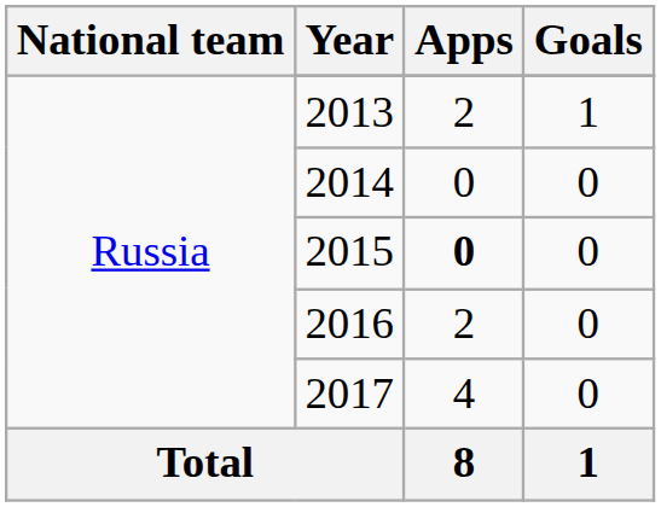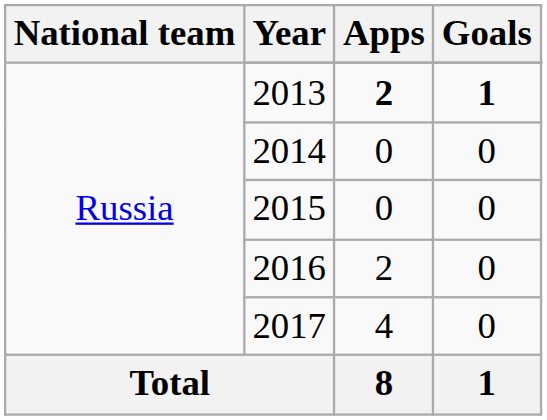 <table class="wikitable" style="text-align:center">
 <tr>
 <th>National team</th>
 <th>Year</th>
 <th>Apps</th>
 <th>Goals</th>
 </tr>
 <tr>
 <td rowspan=6><a href='#'>Russia</a></td>
 </tr>
 <tr>
 <td>2013</td>
-<td>2</td>
-<td>1</td>
+<td><strong>2</strong></td>
+<td><strong>1</strong></td>
 </tr>
 <tr>
 <td>2014</td>
 <td>0</td>
 <td>0</td>
 </tr>
 <tr>
 <td>2015</td>
-<td><strong>0</strong></td>
+<td>0</td>
 <td>0</td>
 </tr>
 <tr>
 <td>2016</td>
 <td>2</td>
 <td>0</td>
 </tr>
 <tr>
 <td>2017</td>
 <td>4</td>
 <td>0</td>
 </tr>
 <tr>
 <th colspan=2>Total</th>
 <th>8</th>
 <th>1</th>
 </tr>
 </table>
